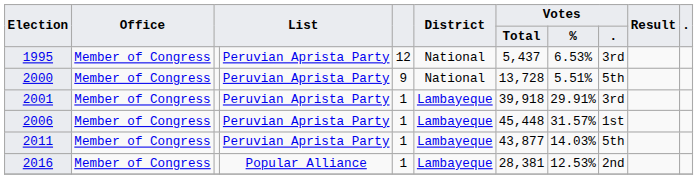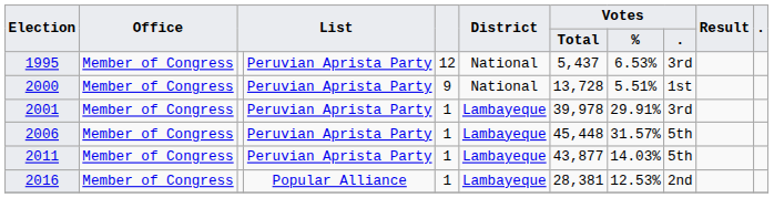 <table class="wikitable" style="font-size:90%; text-align:center;">
 <tr>
 <th style="background-color:#EAECF0;" rowspan=2>Election</th>
 <th style="background-color:#EAECF0;" rowspan=2>Office</th>
 <th style="background-color:#EAECF0;" colspan=2 rowspan=2>List</th>
 <th style="background-color:#EAECF0;" rowspan=2></th>
 <th style="background-color:#EAECF0;" rowspan=2>District</th>
 <th style="background-color:#EAECF0;" colspan=3>Votes</th>
 <th style="background-color:#EAECF0;" rowspan=2>Result</th>
 <th style="background-color:#EAECF0;" rowspan=2>.</th>
 </tr>
 <tr>
 <th style="background-color:#EAECF0;">Total</th>
 <th style="background-color:#EAECF0;">%</th>
 <th style="background-color:#EAECF0;">.</th>
 </tr>
 <tr>
 <td style="background-color:#EAECF0;"><a href='#'>1995</a></td>
 <td><a href='#'>Member of Congress</a></td>
 <td style="background-color:"></td>
 <td><a href='#'>Peruvian Aprista Party</a></td>
 <td>12</td>
 <td>National</td>
 <td>5,437</td>
 <td>6.53%</td>
 <td>3rd</td>
 <td></td>
 <td></td>
 </tr>
 <tr>
 <td style="background-color:#EAECF0;"><a href='#'>2000</a></td>
 <td><a href='#'>Member of Congress</a></td>
 <td style="background-color:"></td>
 <td><a href='#'>Peruvian Aprista Party</a></td>
 <td>9</td>
 <td>National</td>
 <td>13,728</td>
 <td>5.51%</td>
-<td>5th</td>
+<td>1st</td>
 <td></td>
 <td></td>
 </tr>
 <tr>
 <td style="background-color:#EAECF0;"><a href='#'>2001</a></td>
 <td><a href='#'>Member of Congress</a></td>
 <td style="background-color:"></td>
 <td><a href='#'>Peruvian Aprista Party</a></td>
 <td>1</td>
 <td><a href='#'>Lambayeque</a></td>
-<td>39,918</td>
+<td>39,978</td>
 <td>29.91%</td>
 <td>3rd</td>
 <td></td>
 <td></td>
 </tr>
 <tr>
 <td style="background-color:#EAECF0;"><a href='#'>2006</a></td>
 <td><a href='#'>Member of Congress</a></td>
 <td style="background-color:"></td>
 <td><a href='#'>Peruvian Aprista Party</a></td>
 <td>1</td>
 <td><a href='#'>Lambayeque</a></td>
 <td>45,448</td>
 <td>31.57%</td>
-<td>1st</td>
+<td>5th</td>
 <td></td>
 <td></td>
 </tr>
 <tr>
 <td style="background-color:#EAECF0;"><a href='#'>2011</a></td>
 <td><a href='#'>Member of Congress</a></td>
 <td style="background-color:"></td>
 <td><a href='#'>Peruvian Aprista Party</a></td>
 <td>1</td>
 <td><a href='#'>Lambayeque</a></td>
 <td>43,877</td>
 <td>14.03%</td>
 <td>5th</td>
 <td></td>
 <td></td>
 </tr>
 <tr>
 <td style="background-color:#EAECF0;"><a href='#'>2016</a></td>
 <td><a href='#'>Member of Congress</a></td>
 <td style="background-color:"></td>
 <td><a href='#'>Popular Alliance</a></td>
 <td>1</td>
 <td><a href='#'>Lambayeque</a></td>
 <td>28,381</td>
 <td>12.53%</td>
 <td>2nd</td>
 <td></td>
 <td></td>
 </tr>
 <tr>
 </tr>
 </table>
